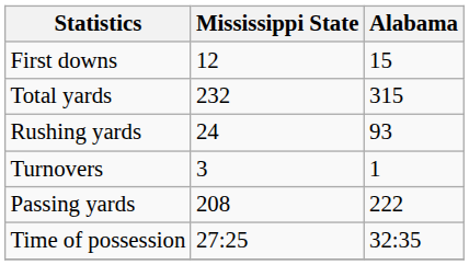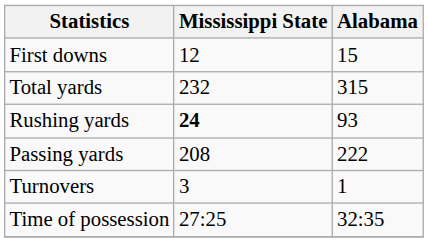 <table class="wikitable" style="float: left;">
 <tr>
 <th>Statistics</th>
 <th>Mississippi State</th>
 <th>Alabama</th>
 </tr>
 <tr>
 <td>First downs</td>
 <td>12</td>
 <td>15</td>
 </tr>
 <tr>
 <td>Total yards</td>
 <td>232</td>
 <td>315</td>
 </tr>
 <tr>
 <td>Rushing yards</td>
-<td>24</td>
+<td><strong>24</strong></td>
 <td>93</td>
+</tr>
+<tr>
+<td>Passing yards</td>
+<td>208</td>
+<td>222</td>
 </tr>
 <tr>
 <td>Turnovers</td>
 <td>3</td>
 <td>1</td>
-</tr>
-<tr>
-<td>Passing yards</td>
-<td>208</td>
-<td>222</td>
 </tr>
 <tr>
 <td>Time of possession</td>
 <td>27:25</td>
 <td>32:35</td>
 </tr>
 <tr>
 </tr>
 </table>
